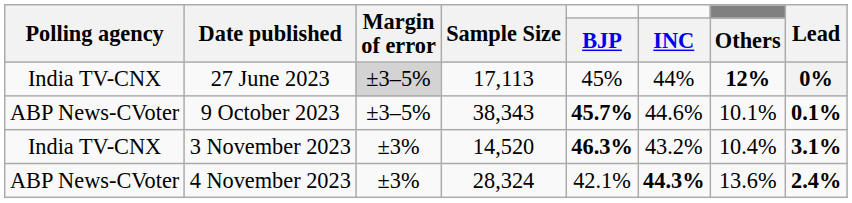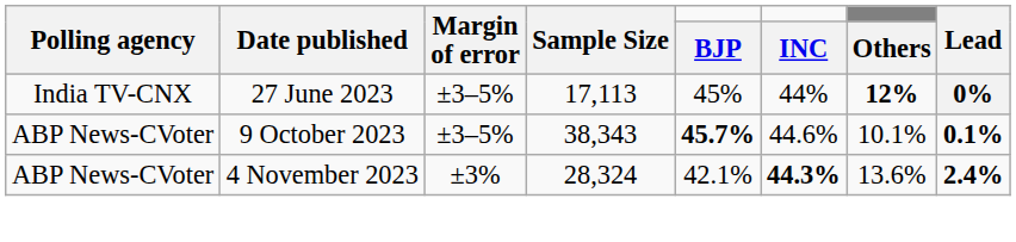 <table class="wikitable" style="text-align:center;font-size:95%;line-height:16px;">
 <tr>
 <th rowspan="2">Polling agency</th>
 <th rowspan="2">Date published</th>
 <th rowspan="2">Margin<br>of error</th>
 <th rowspan="2">Sample Size</th>
 <td></td>
 <td></td>
 <td bgcolor="grey"></td>
 <th rowspan="2">Lead</th>
 </tr>
 <tr>
 <th><a href='#'>BJP</a></th>
 <th><a href='#'>INC</a></th>
 <th>Others</th>
 </tr>
 <tr>
 <td>India TV-CNX</td>
 <td>27 June 2023</td>
-<td style="background: lightgrey;">±3–5%</td>
+<td>±3–5%</td>
 <td>17,113</td>
 <td>45%</td>
 <td>44%</td>
 <td><strong>12%</strong></td>
 <th>0%</th>
 </tr>
 <tr>
 <td>ABP News-CVoter</td>
 <td>9 October 2023</td>
 <td>±3–5%</td>
 <td>38,343</td>
 <td><strong>45.7%</strong></td>
 <td>44.6%</td>
 <td>10.1%</td>
 <td><strong>0.1%</strong></td>
 </tr>
 <tr>
-<td>India TV-CNX</td>
-<td>3 November 2023</td>
-<td>±3%</td>
-<td>14,520</td>
-<td><strong>46.3%</strong></td>
-<td>43.2%</td>
-<td>10.4%</td>
-<td><strong>3.1%</strong></td>
-</tr>
-<tr>
 <td>ABP News-CVoter</td>
 <td>4 November 2023</td>
 <td>±3%</td>
 <td>28,324</td>
 <td>42.1%</td>
 <td><strong>44.3%</strong></td>
 <td>13.6%</td>
 <td><strong>2.4%</strong></td>
 </tr>
 </table>
